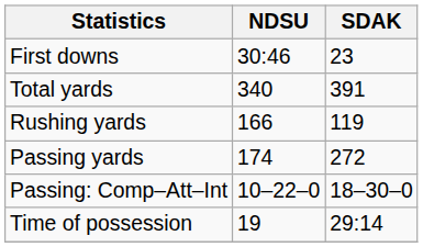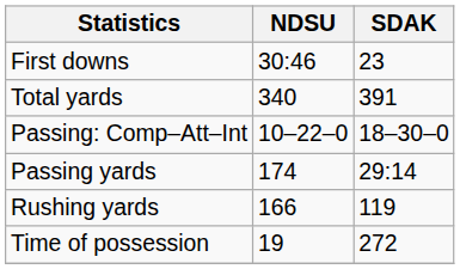 <table class="wikitable" style="float: left;">
 <tr>
 <th>Statistics</th>
 <th>NDSU</th>
 <th>SDAK</th>
 </tr>
 <tr>
 <td>First downs</td>
 <td>30:46</td>
 <td>23</td>
 </tr>
 <tr>
 <td>Total yards</td>
 <td>340</td>
 <td>391</td>
 </tr>
 <tr>
+<td>Passing: Comp–Att–Int</td>
+<td>10–22–0</td>
+<td>18–30–0</td>
+</tr>
+<tr>
+<td>Passing yards</td>
+<td>174</td>
+<td>29:14</td>
+</tr>
+<tr>
 <td>Rushing yards</td>
 <td>166</td>
 <td>119</td>
 </tr>
 <tr>
-<td>Passing yards</td>
-<td>174</td>
-<td>272</td>
-</tr>
-<tr>
-<td>Passing: Comp–Att–Int</td>
-<td>10–22–0</td>
-<td>18–30–0</td>
-</tr>
-<tr>
 <td>Time of possession</td>
 <td>19</td>
-<td>29:14</td>
+<td>272</td>
 </tr>
 <tr>
 </tr>
 </table>
